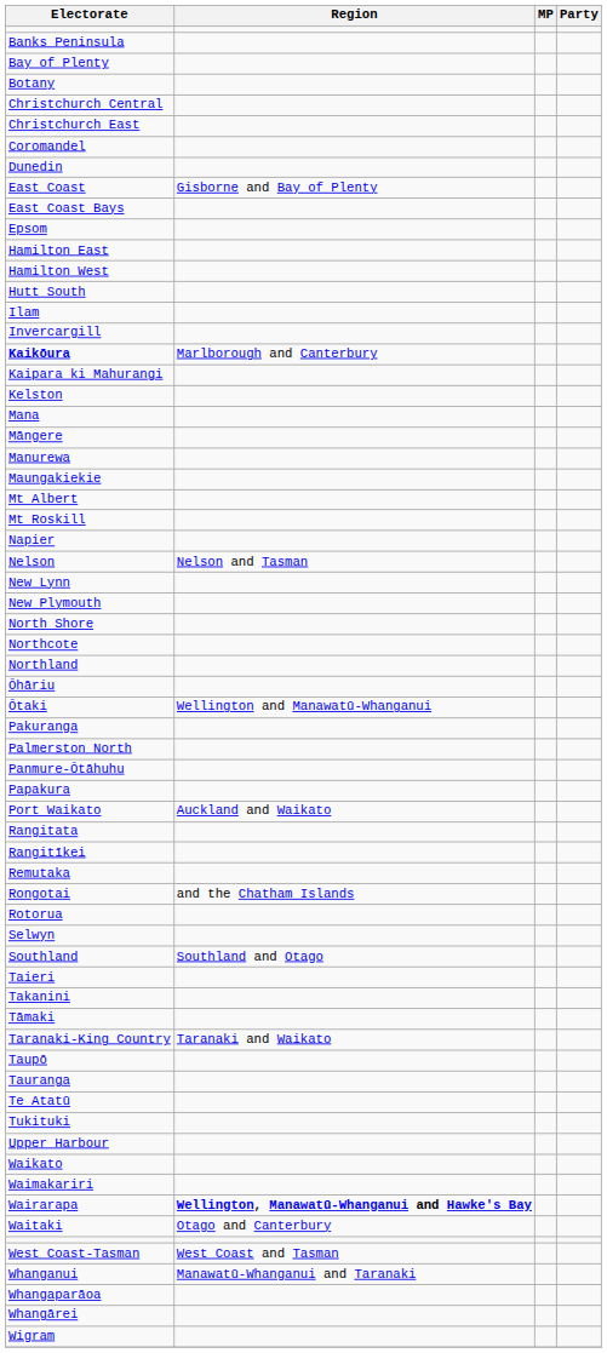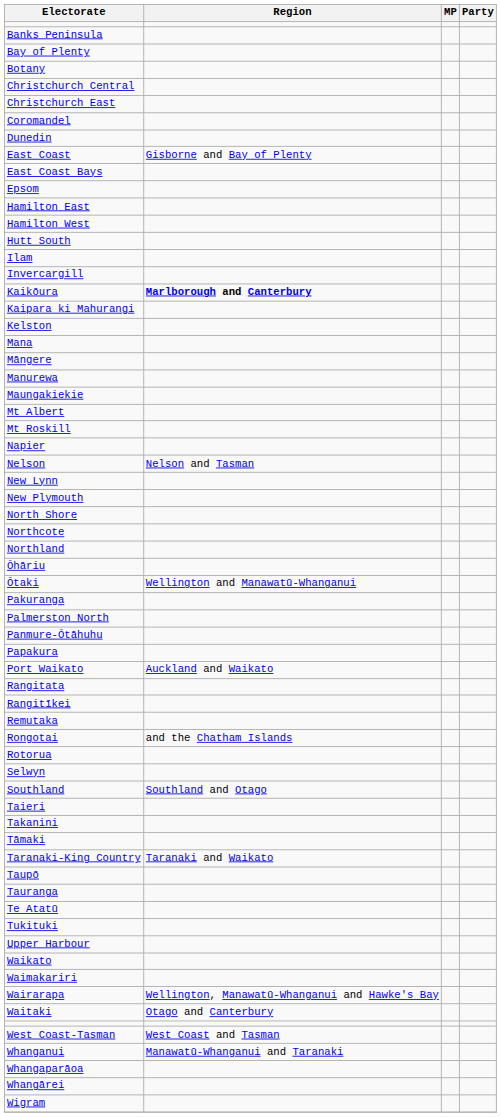 <table class="sortable wikitable" style="font-size: 95%;">
 <tr>
 <th>Electorate</th>
 <th>Region</th>
 <th>MP</th>
 <th colspan="2">Party</th>
 </tr>
 <tr>
 <td></td>
 <td></td>
 <td></td>
 <td></td>
 </tr>
 <tr>
 <td><a href='#'>Banks Peninsula</a></td>
 <td></td>
 <td></td>
 <td></td>
 </tr>
 <tr>
 <td><a href='#'>Bay of Plenty</a></td>
 <td></td>
 <td></td>
 <td></td>
 </tr>
 <tr>
 <td><a href='#'>Botany</a></td>
 <td></td>
 <td></td>
 <td></td>
 </tr>
 <tr>
 <td><a href='#'>Christchurch Central</a></td>
 <td></td>
 <td></td>
 <td></td>
 </tr>
 <tr>
 <td><a href='#'>Christchurch East</a></td>
 <td></td>
 <td></td>
 <td></td>
 </tr>
 <tr>
 <td><a href='#'>Coromandel</a></td>
 <td></td>
 <td></td>
 <td></td>
 </tr>
 <tr>
 <td><a href='#'>Dunedin</a></td>
 <td></td>
 <td></td>
 <td></td>
 </tr>
 <tr>
 <td><a href='#'>East Coast</a></td>
 <td data-sort-value="4.5"><a href='#'>Gisborne</a> and <a href='#'>Bay of Plenty</a></td>
 <td></td>
 <td></td>
 </tr>
 <tr>
 <td><a href='#'>East Coast Bays</a></td>
 <td data-sort-value="1.9"></td>
 <td></td>
 <td></td>
 </tr>
 <tr>
 <td><a href='#'>Epsom</a></td>
 <td></td>
 <td></td>
 <td></td>
 </tr>
 <tr>
 <td><a href='#'>Hamilton East</a></td>
 <td></td>
 <td></td>
 <td></td>
 </tr>
 <tr>
 <td><a href='#'>Hamilton West</a></td>
 <td></td>
 <td></td>
 <td></td>
 </tr>
 <tr>
 <td><a href='#'>Hutt South</a></td>
 <td></td>
 <td></td>
 <td></td>
 </tr>
 <tr>
 <td><a href='#'>Ilam</a></td>
 <td></td>
 <td></td>
 <td></td>
 </tr>
 <tr>
 <td><a href='#'>Invercargill</a></td>
 <td></td>
 <td></td>
 <td></td>
 </tr>
 <tr>
-<td><strong><a href='#'>Kaikōura</a></strong></td>
-<td data-sort-value="11.5"><a href='#'>Marlborough</a> and <a href='#'>Canterbury</a></td>
+<td><a href='#'>Kaikōura</a></td>
+<td data-sort-value="11.5"><strong><a href='#'>Marlborough</a> and <a href='#'>Canterbury</a></strong></td>
 <td></td>
 <td></td>
 </tr>
 <tr>
 <td><a href='#'>Kaipara ki Mahurangi</a></td>
 <td data-sort-value="1.9"></td>
 <td></td>
 <td></td>
 </tr>
 <tr>
 <td><a href='#'>Kelston</a></td>
 <td></td>
 <td></td>
 <td></td>
 </tr>
 <tr>
 <td><a href='#'>Mana</a></td>
 <td></td>
 <td></td>
 <td></td>
 </tr>
 <tr>
 <td><a href='#'>Māngere</a></td>
 <td data-sort-value="2.1"></td>
 <td></td>
 <td></td>
 </tr>
 <tr>
 <td><a href='#'>Manurewa</a></td>
 <td data-sort-value="2.1"></td>
 <td></td>
 <td></td>
 </tr>
 <tr>
 <td><a href='#'>Maungakiekie</a></td>
 <td></td>
 <td></td>
 <td></td>
 </tr>
 <tr>
 <td><a href='#'>Mt Albert</a></td>
 <td></td>
 <td></td>
 <td></td>
 </tr>
 <tr>
 <td><a href='#'>Mt Roskill</a></td>
 <td></td>
 <td></td>
 <td></td>
 </tr>
 <tr>
 <td><a href='#'>Napier</a></td>
 <td></td>
 <td></td>
 <td></td>
 </tr>
 <tr>
 <td><a href='#'>Nelson</a></td>
 <td data-sort-value="10.5"><a href='#'>Nelson</a> and <a href='#'>Tasman</a></td>
 <td></td>
 <td></td>
 </tr>
 <tr>
 <td><a href='#'>New Lynn</a></td>
 <td></td>
 <td></td>
 <td></td>
 </tr>
 <tr>
 <td><a href='#'>New Plymouth</a></td>
 <td></td>
 <td></td>
 <td></td>
 </tr>
 <tr>
 <td><a href='#'>North Shore</a></td>
 <td data-sort-value="1.9"></td>
 <td></td>
 <td></td>
 </tr>
 <tr>
 <td><a href='#'>Northcote</a></td>
 <td data-sort-value="1.9"></td>
 <td></td>
 <td></td>
 </tr>
 <tr>
 <td><a href='#'>Northland</a></td>
 <td></td>
 <td></td>
 <td></td>
 </tr>
 <tr>
 <td><a href='#'>Ōhāriu</a></td>
 <td></td>
 <td></td>
 <td></td>
 </tr>
 <tr>
 <td><a href='#'>Ōtaki</a></td>
 <td data-sort-value="8.6"><a href='#'>Wellington</a> and <a href='#'>Manawatū-Whanganui</a></td>
 <td></td>
 <td></td>
 </tr>
 <tr>
 <td><a href='#'>Pakuranga</a></td>
 <td></td>
 <td></td>
 <td></td>
 </tr>
 <tr>
 <td><a href='#'>Palmerston North</a></td>
 <td></td>
 <td></td>
 <td></td>
 </tr>
 <tr>
 <td><a href='#'>Panmure-Ōtāhuhu</a></td>
 <td data-sort-value="2.1"></td>
 <td></td>
 <td></td>
 </tr>
 <tr>
 <td><a href='#'>Papakura</a></td>
 <td data-sort-value="2.1"></td>
 <td></td>
 <td></td>
 </tr>
 <tr>
 <td><a href='#'>Port Waikato</a></td>
 <td data-sort-value="2.5"><a href='#'>Auckland</a> and <a href='#'>Waikato</a></td>
 <td></td>
 <td></td>
 </tr>
 <tr>
 <td><a href='#'>Rangitata</a></td>
 <td></td>
 <td></td>
 <td></td>
 </tr>
 <tr>
 <td><a href='#'>Rangitīkei</a></td>
 <td></td>
 <td></td>
 <td></td>
 </tr>
 <tr>
 <td><a href='#'>Remutaka</a></td>
 <td></td>
 <td></td>
 <td></td>
 </tr>
 <tr>
 <td><a href='#'>Rongotai</a></td>
 <td> and the <a href='#'>Chatham Islands</a></td>
 <td></td>
 <td></td>
 </tr>
 <tr>
 <td><a href='#'>Rotorua</a></td>
 <td></td>
 <td></td>
 <td></td>
 </tr>
 <tr>
 <td><a href='#'>Selwyn</a></td>
 <td></td>
 <td></td>
 <td></td>
 </tr>
 <tr>
 <td><a href='#'>Southland</a></td>
 <td data-sort-value="15.5"><a href='#'>Southland</a> and <a href='#'>Otago</a></td>
 <td></td>
 <td></td>
 </tr>
 <tr>
 <td><a href='#'>Taieri</a></td>
 <td></td>
 <td></td>
 <td></td>
 </tr>
 <tr>
 <td><a href='#'>Takanini</a></td>
 <td data-sort-value="2.1"></td>
 <td></td>
 <td></td>
 </tr>
 <tr>
 <td><a href='#'>Tāmaki</a></td>
 <td></td>
 <td></td>
 <td></td>
 </tr>
 <tr>
 <td><a href='#'>Taranaki-King Country</a></td>
 <td data-sort-value="6.9"><a href='#'>Taranaki</a> and <a href='#'>Waikato</a></td>
 <td></td>
 <td></td>
 </tr>
 <tr>
 <td><a href='#'>Taupō</a></td>
 <td></td>
 <td></td>
 <td></td>
 </tr>
 <tr>
 <td><a href='#'>Tauranga</a></td>
 <td></td>
 <td></td>
 <td></td>
 </tr>
 <tr>
 <td><a href='#'>Te Atatū</a></td>
 <td></td>
 <td></td>
 <td></td>
 </tr>
 <tr>
 <td><a href='#'>Tukituki</a></td>
 <td></td>
 <td></td>
 <td></td>
 </tr>
 <tr>
 <td><a href='#'>Upper Harbour</a></td>
 <td data-sort-value="1.9"></td>
 <td></td>
 <td></td>
 </tr>
 <tr>
 <td><a href='#'>Waikato</a></td>
 <td></td>
 <td></td>
 <td></td>
 </tr>
 <tr>
 <td><a href='#'>Waimakariri</a></td>
 <td></td>
 <td></td>
 <td></td>
 </tr>
 <tr>
 <td><a href='#'>Wairarapa</a></td>
-<td data-sort-value="8.1"><strong><a href='#'>Wellington</a>, <a href='#'>Manawatū-Whanganui</a> and <a href='#'>Hawke's Bay</a></strong></td>
+<td data-sort-value="8.1"><a href='#'>Wellington</a>, <a href='#'>Manawatū-Whanganui</a> and <a href='#'>Hawke's Bay</a></td>
 <td></td>
 <td></td>
 </tr>
 <tr>
 <td><a href='#'>Waitaki</a></td>
 <td data-sort-value="14.5"><a href='#'>Otago</a> and <a href='#'>Canterbury</a></td>
 <td></td>
 <td></td>
 </tr>
 <tr>
 <td></td>
 <td></td>
 <td></td>
 <td></td>
 </tr>
 <tr>
 <td><a href='#'>West Coast-Tasman</a></td>
 <td data-sort-value="12.5"><a href='#'>West Coast</a> and <a href='#'>Tasman</a></td>
 <td></td>
 <td></td>
 </tr>
 <tr>
 <td><a href='#'>Whanganui</a></td>
 <td data-sort-value="7.5"><a href='#'>Manawatū-Whanganui</a> and <a href='#'>Taranaki</a></td>
 <td></td>
 <td></td>
 </tr>
 <tr>
 <td><a href='#'>Whangaparāoa</a></td>
 <td data-sort-value="1.9"></td>
 <td></td>
 <td></td>
 </tr>
 <tr>
 <td><a href='#'>Whangārei</a></td>
 <td></td>
 <td></td>
 <td></td>
 </tr>
 <tr>
 <td><a href='#'>Wigram</a></td>
 <td></td>
 <td></td>
 <td></td>
 </tr>
 <tr>
 </tr>
 </table>
